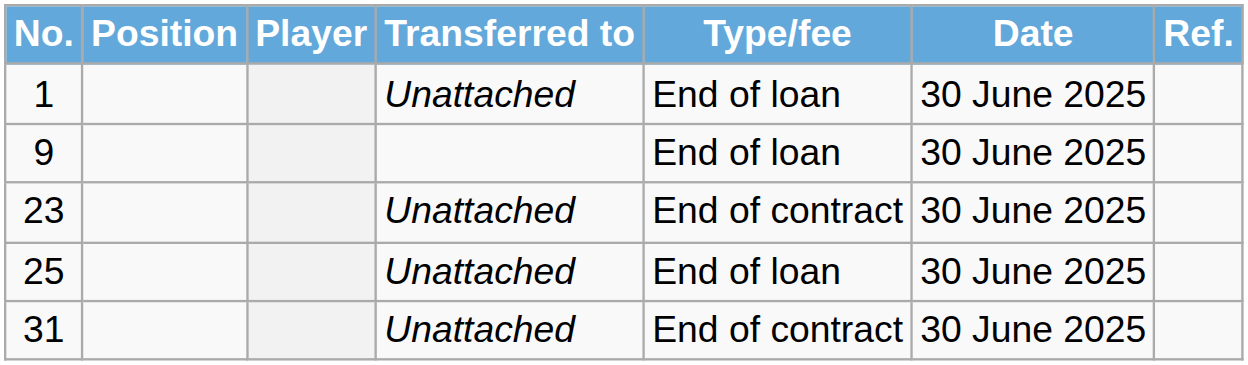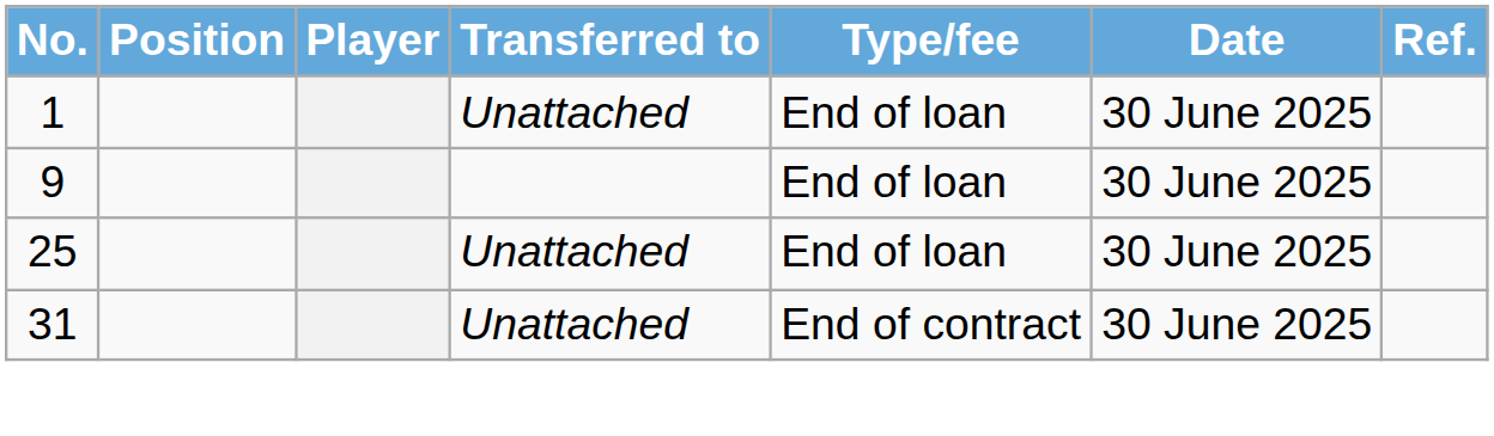 <table class="wikitable plainrowheaders sortable" style="text-align:center; text-align:left">
 <tr>
 <th scope="col" style="background:#62a8da;color:white">No.</th>
 <th scope="col" style="background:#62a8da;color:white">Position</th>
 <th scope="col" style="background:#62a8da;color:white">Player</th>
 <th scope="col" style="background:#62a8da;color:white">Transferred to</th>
 <th scope="col" style="background:#62a8da;color:white">Type/fee</th>
 <th scope="col" style="background:#62a8da;color:white">Date</th>
 <th scope="col" class="unsortable" style="background:#62a8da;color:white">Ref.</th>
 </tr>
 <tr>
 <td style="text-align:center;">1</td>
 <td style="text-align:center;"></td>
 <th scope="row"></th>
 <td><em>Unattached</em></td>
 <td>End of loan</td>
 <td>30 June 2025</td>
 <td></td>
 </tr>
 <tr>
 <td style="text-align:center;">9</td>
 <td style="text-align:center;"></td>
 <th scope="row"></th>
 <td></td>
 <td>End of loan</td>
 <td>30 June 2025</td>
 <td></td>
 </tr>
 <tr>
-<td style="text-align:center;">23</td>
-<td style="text-align:center;"></td>
-<th scope="row"></th>
-<td><em>Unattached</em></td>
-<td>End of contract</td>
-<td>30 June 2025</td>
-<td></td>
-</tr>
-<tr>
 <td style="text-align:center;">25</td>
 <td style="text-align:center;"></td>
 <th scope="row"></th>
 <td><em>Unattached</em></td>
 <td>End of loan</td>
 <td>30 June 2025</td>
 <td></td>
 </tr>
 <tr>
 <td style="text-align:center;">31</td>
 <td style="text-align:center;"></td>
 <th scope="row"></th>
 <td><em>Unattached</em></td>
 <td>End of contract</td>
 <td>30 June 2025</td>
 <td></td>
 </tr>
 </table>
